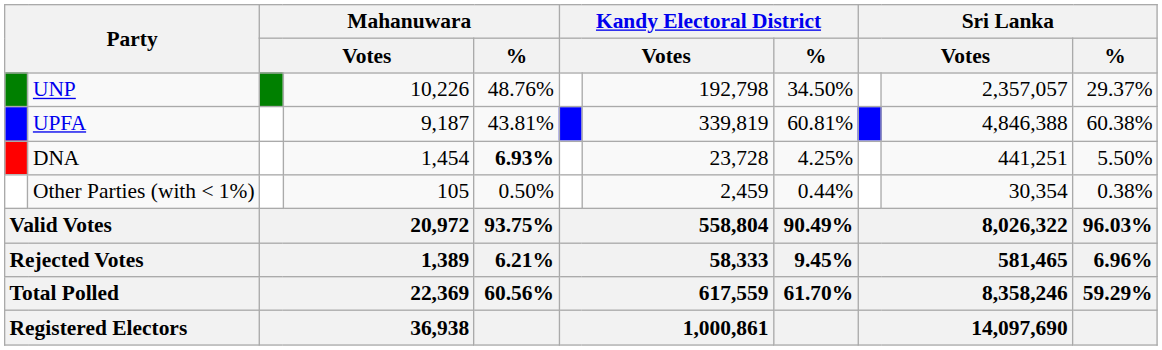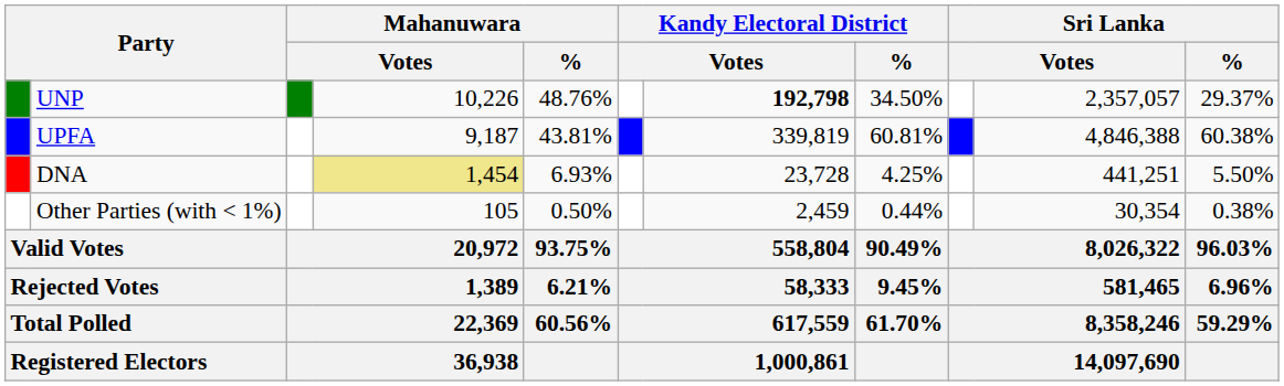 <table class="wikitable">
 <tr>
 <th colspan="2" width="144px"rowspan="2">Party</th>
 <th colspan="3" width="216px">Mahanuwara</th>
 <th colspan="3" width="216px"><a href='#'>Kandy Electoral District</a></th>
 <th colspan="3" width="216px">Sri Lanka</th>
 </tr>
 <tr>
 <th colspan="2" width="144px">Votes</th>
 <th>%</th>
 <th colspan="2" width="144px">Votes</th>
 <th>%</th>
 <th colspan="2" width="144px">Votes</th>
 <th>%</th>
 </tr>
 <tr>
 <td style="background-color:green;" width="10px"></td>
 <td style="text-align:left;"><a href='#'>UNP</a></td>
 <td style="background-color:green;" width="10px"></td>
 <td style="text-align:right;">10,226</td>
 <td style="text-align:right;">48.76%</td>
 <td style="background-color:white;" width="10px"></td>
-<td style="text-align:right;">192,798</td>
+<td style="text-align:right;"><strong>192,798</strong></td>
 <td style="text-align:right;">34.50%</td>
 <td style="background-color:white;" width="10px"></td>
 <td style="text-align:right;">2,357,057</td>
 <td style="text-align:right;">29.37%</td>
 </tr>
 <tr>
 <td style="background-color:blue;" width="10px"></td>
 <td style="text-align:left;"><a href='#'>UPFA</a></td>
 <td style="background-color:white;" width="10px"></td>
 <td style="text-align:right;">9,187</td>
 <td style="text-align:right;">43.81%</td>
 <td style="background-color:blue;" width="10px"></td>
 <td style="text-align:right;">339,819</td>
 <td style="text-align:right;">60.81%</td>
 <td style="background-color:blue;" width="10px"></td>
 <td style="text-align:right;">4,846,388</td>
 <td style="text-align:right;">60.38%</td>
 </tr>
 <tr>
 <td style="background-color:red;" width="10px"></td>
 <td style="text-align:left;">DNA</td>
 <td style="background-color:white;" width="10px"></td>
-<td style="text-align:right;">1,454</td>
-<td style="text-align:right;"><strong>6.93%</strong></td>
+<td style="background: khaki; text-align:right;">1,454</td>
+<td style="text-align:right;">6.93%</td>
 <td style="background-color:white;" width="10px"></td>
 <td style="text-align:right;">23,728</td>
 <td style="text-align:right;">4.25%</td>
 <td style="background-color:white;" width="10px"></td>
 <td style="text-align:right;">441,251</td>
 <td style="text-align:right;">5.50%</td>
 </tr>
 <tr>
 <td style="background-color:white;" width="10px"></td>
 <td style="text-align:left;">Other Parties (with < 1%)</td>
 <td style="background-color:white;" width="10px"></td>
 <td style="text-align:right;">105</td>
 <td style="text-align:right;">0.50%</td>
 <td style="background-color:white;" width="10px"></td>
 <td style="text-align:right;">2,459</td>
 <td style="text-align:right;">0.44%</td>
 <td style="background-color:white;" width="10px"></td>
 <td style="text-align:right;">30,354</td>
 <td style="text-align:right;">0.38%</td>
 </tr>
 <tr>
 <th colspan="2" width="144px"style="text-align:left;">Valid Votes</th>
 <th style="text-align:right;"colspan="2" width="144px">20,972</th>
 <th style="text-align:right;">93.75%</th>
 <th style="text-align:right;"colspan="2" width="144px">558,804</th>
 <th style="text-align:right;">90.49%</th>
 <th style="text-align:right;"colspan="2" width="144px">8,026,322</th>
 <th style="text-align:right;">96.03%</th>
 </tr>
 <tr>
 <th colspan="2" width="144px"style="text-align:left;">Rejected Votes</th>
 <th style="text-align:right;"colspan="2" width="144px">1,389</th>
 <th style="text-align:right;">6.21%</th>
 <th style="text-align:right;"colspan="2" width="144px">58,333</th>
 <th style="text-align:right;">9.45%</th>
 <th style="text-align:right;"colspan="2" width="144px">581,465</th>
 <th style="text-align:right;">6.96%</th>
 </tr>
 <tr>
 <th colspan="2" width="144px"style="text-align:left;">Total Polled</th>
 <th style="text-align:right;"colspan="2" width="144px">22,369</th>
 <th style="text-align:right;">60.56%</th>
 <th style="text-align:right;"colspan="2" width="144px">617,559</th>
 <th style="text-align:right;">61.70%</th>
 <th style="text-align:right;"colspan="2" width="144px">8,358,246</th>
 <th style="text-align:right;">59.29%</th>
 </tr>
 <tr>
 <th colspan="2" width="144px"style="text-align:left;">Registered Electors</th>
 <th style="text-align:right;"colspan="2" width="144px">36,938</th>
 <th></th>
 <th style="text-align:right;"colspan="2" width="144px">1,000,861</th>
 <th></th>
 <th style="text-align:right;"colspan="2" width="144px">14,097,690</th>
 <th></th>
 </tr>
 </table>
